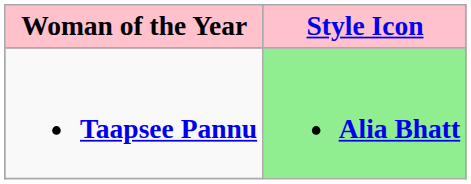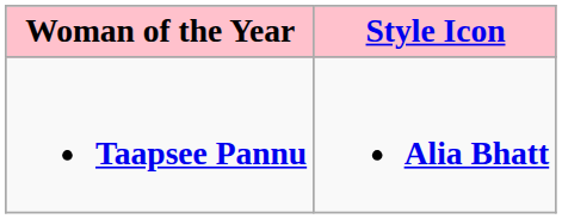 <table class=wikitable style="width=150%">
 <tr>
 <th style="background:#FFC1CC;" ! style="width=50%">Woman of the Year</th>
 <th style="background:#FFC1CC;" ! style="width=50%"><a href='#'>Style Icon</a></th>
 </tr>
 <tr>
 <td valign="top"><br><ul><li><strong><a href='#'>Taapsee Pannu</a></strong></li></ul></td>
-<td valign="top" style="background: lightgreen;"><br><ul><li><strong><a href='#'>Alia Bhatt</a></strong></li></ul></td>
+<td valign="top"><br><ul><li><strong><a href='#'>Alia Bhatt</a></strong></li></ul></td>
 </tr>
 </table>
